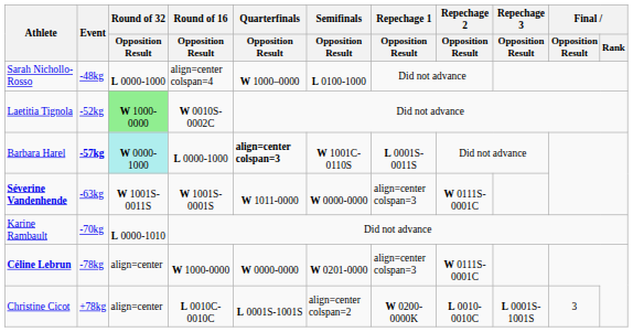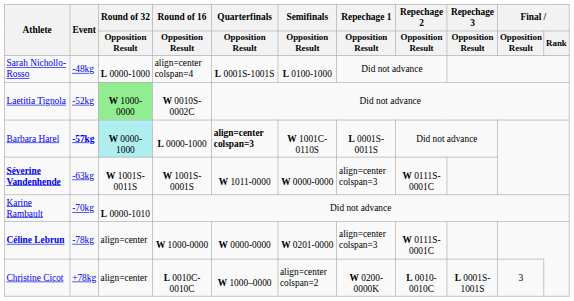 <table class="wikitable" style="font-size:90%">
 <tr>
 <th rowspan="2">Athlete</th>
 <th rowspan="2">Event</th>
 <th>Round of 32</th>
 <th>Round of 16</th>
 <th>Quarterfinals</th>
 <th>Semifinals</th>
 <th>Repechage 1</th>
 <th>Repechage 2</th>
 <th>Repechage 3</th>
 <th colspan=2>Final / </th>
 </tr>
 <tr style="font-size:95%">
 <th>Opposition<br>Result</th>
 <th>Opposition<br>Result</th>
 <th>Opposition<br>Result</th>
 <th>Opposition<br>Result</th>
 <th>Opposition<br>Result</th>
 <th>Opposition<br>Result</th>
 <th>Opposition<br>Result</th>
 <th>Opposition<br>Result</th>
 <th>Rank</th>
 </tr>
 <tr>
 <td align=left><a href='#'>Sarah Nichollo-Rosso</a></td>
 <td align=left><a href='#'>-48kg</a></td>
 <td align=center><br><strong>L</strong> 0000-1000</td>
 <td>align=center colspan=4 </td>
-<td align=center><br><strong>W</strong> 1000–0000</td>
+<td align=center><br><strong>L</strong> 0001S-1001S</td>
 <td align=center><br><strong>L</strong> 0100-1000</td>
 <td align=center colspan=2>Did not advance</td>
 </tr>
 <tr>
 <td align=left><a href='#'>Laetitia Tignola</a></td>
 <td align=left><a href='#'>-52kg</a></td>
 <td align=center style="background: lightgreen;"><br><strong>W</strong> 1000-0000</td>
 <td align=center><br><strong>W</strong> 0010S-0002C</td>
 <td align=center colspan=7>Did not advance</td>
 </tr>
 <tr>
 <td align=left><a href='#'>Barbara Harel</a></td>
 <td align=left><strong><a href='#'>-57kg</a></strong></td>
 <td align=center style="background: paleturquoise;"><br><strong>W</strong> 0000-1000</td>
 <td align=center><br><strong>L</strong> 0000-1000</td>
 <td><strong>align=center colspan=3 </strong></td>
 <td align=center><br><strong>W</strong> 1001C-0110S</td>
 <td align=center><br><strong>L</strong> 0001S-0011S</td>
 <td align=center colspan=2>Did not advance</td>
 </tr>
 <tr>
 <td align=left><strong><a href='#'>Séverine Vandenhende</a></strong></td>
 <td align=left><a href='#'>-63kg</a></td>
 <td align=center><br><strong>W</strong> 1001S-0011S</td>
 <td align=center><br><strong>W</strong> 1001S-0001S</td>
 <td align=center><br><strong>W</strong> 1011-0000</td>
 <td align=center><br><strong>W</strong> 0000-0000</td>
 <td>align=center colspan=3 </td>
 <td align=center><br><strong>W</strong> 0111S-0001C</td>
 <td align=center></td>
 </tr>
 <tr>
 <td align=left><a href='#'>Karine Rambault</a></td>
 <td align=left><a href='#'>-70kg</a></td>
 <td align=center><br><strong>L</strong> 0000-1010</td>
 <td align=center colspan=8>Did not advance</td>
 </tr>
 <tr>
 <td align=left><strong><a href='#'>Céline Lebrun</a></strong></td>
 <td align=left><a href='#'>-78kg</a></td>
 <td>align=center </td>
 <td align=center><br><strong>W</strong> 1000-0000</td>
 <td align=center><br><strong>W</strong> 0000-0000</td>
 <td align=center><br><strong>W</strong> 0201-0000</td>
 <td>align=center colspan=3 </td>
 <td align=center><br><strong>W</strong> 0111S-0001C</td>
 <td align=center></td>
 </tr>
 <tr>
 <td align=left><a href='#'>Christine Cicot</a></td>
 <td align=left><a href='#'>+78kg</a></td>
 <td>align=center </td>
 <td align=center><br><strong>L</strong> 0010C-0010C</td>
-<td align=center><br><strong>L</strong> 0001S-1001S</td>
+<td align=center><br><strong>W</strong> 1000–0000</td>
 <td>align=center colspan=2 </td>
 <td align=center><br><strong>W</strong> 0200-0000K</td>
 <td align=center><br><strong>L</strong> 0010-0010C</td>
 <td align=center><br><strong>L</strong> 0001S-1001S</td>
 <td align=center>3</td>
 </tr>
 </table>
